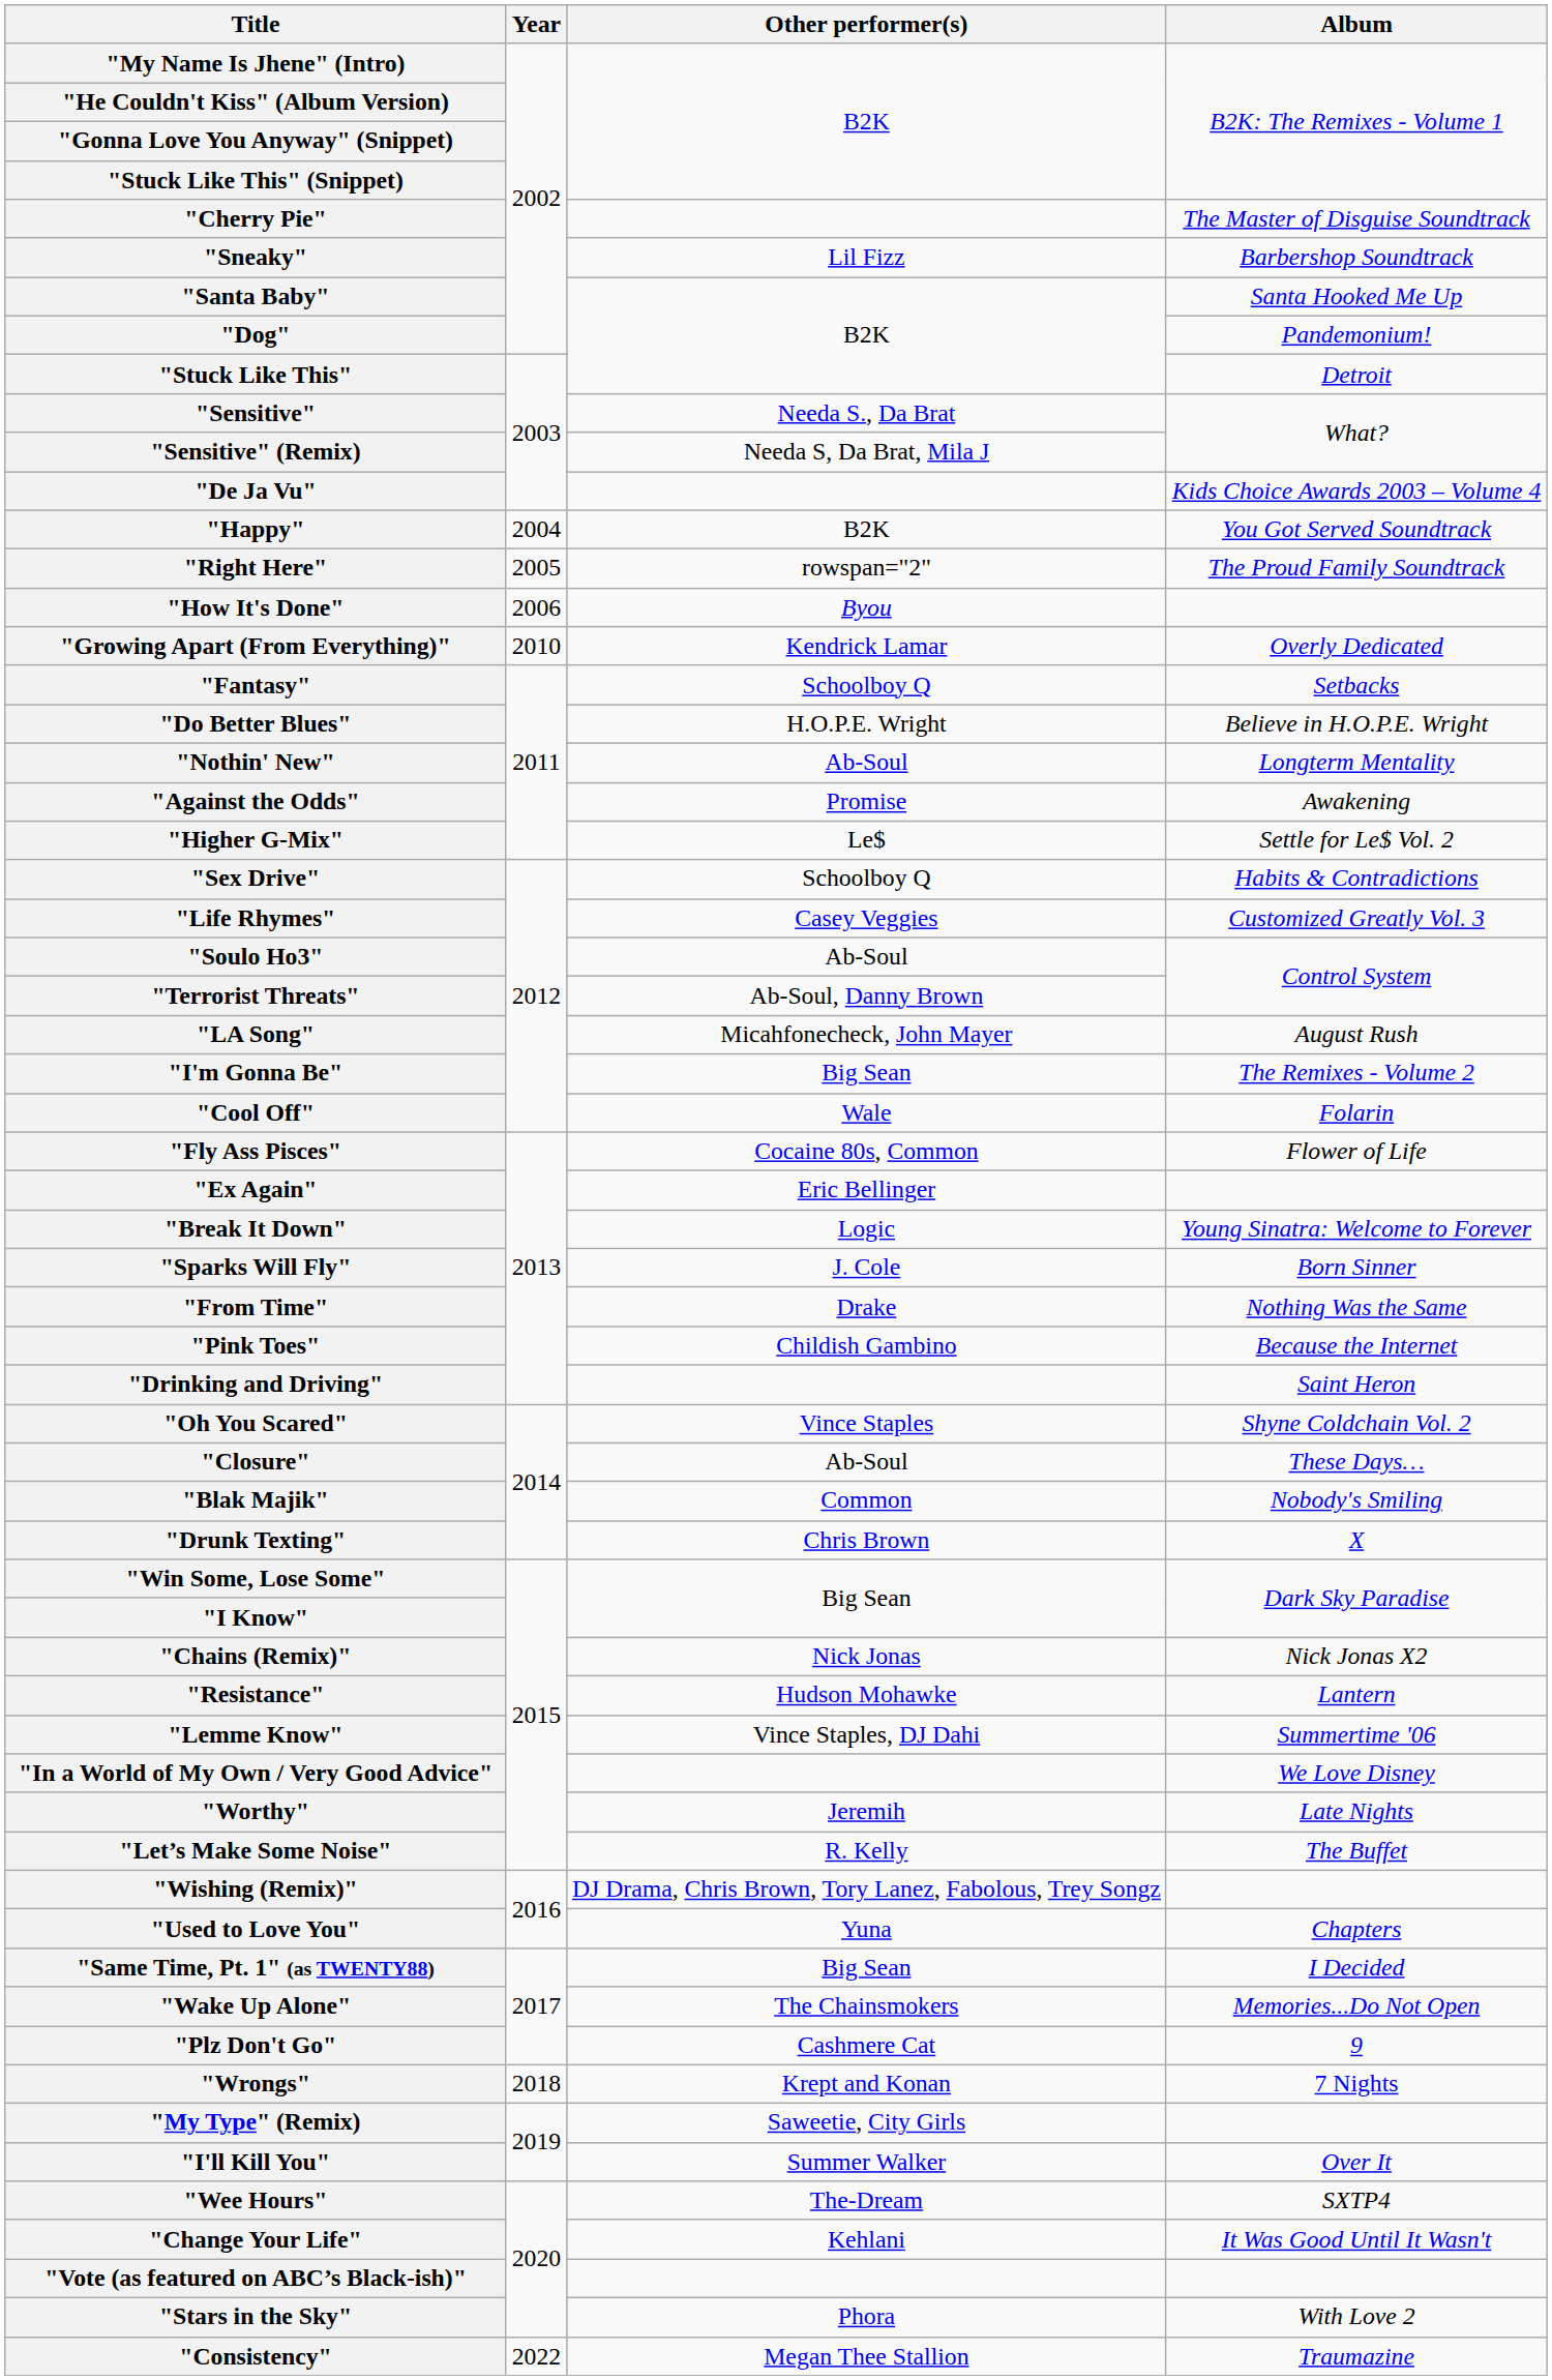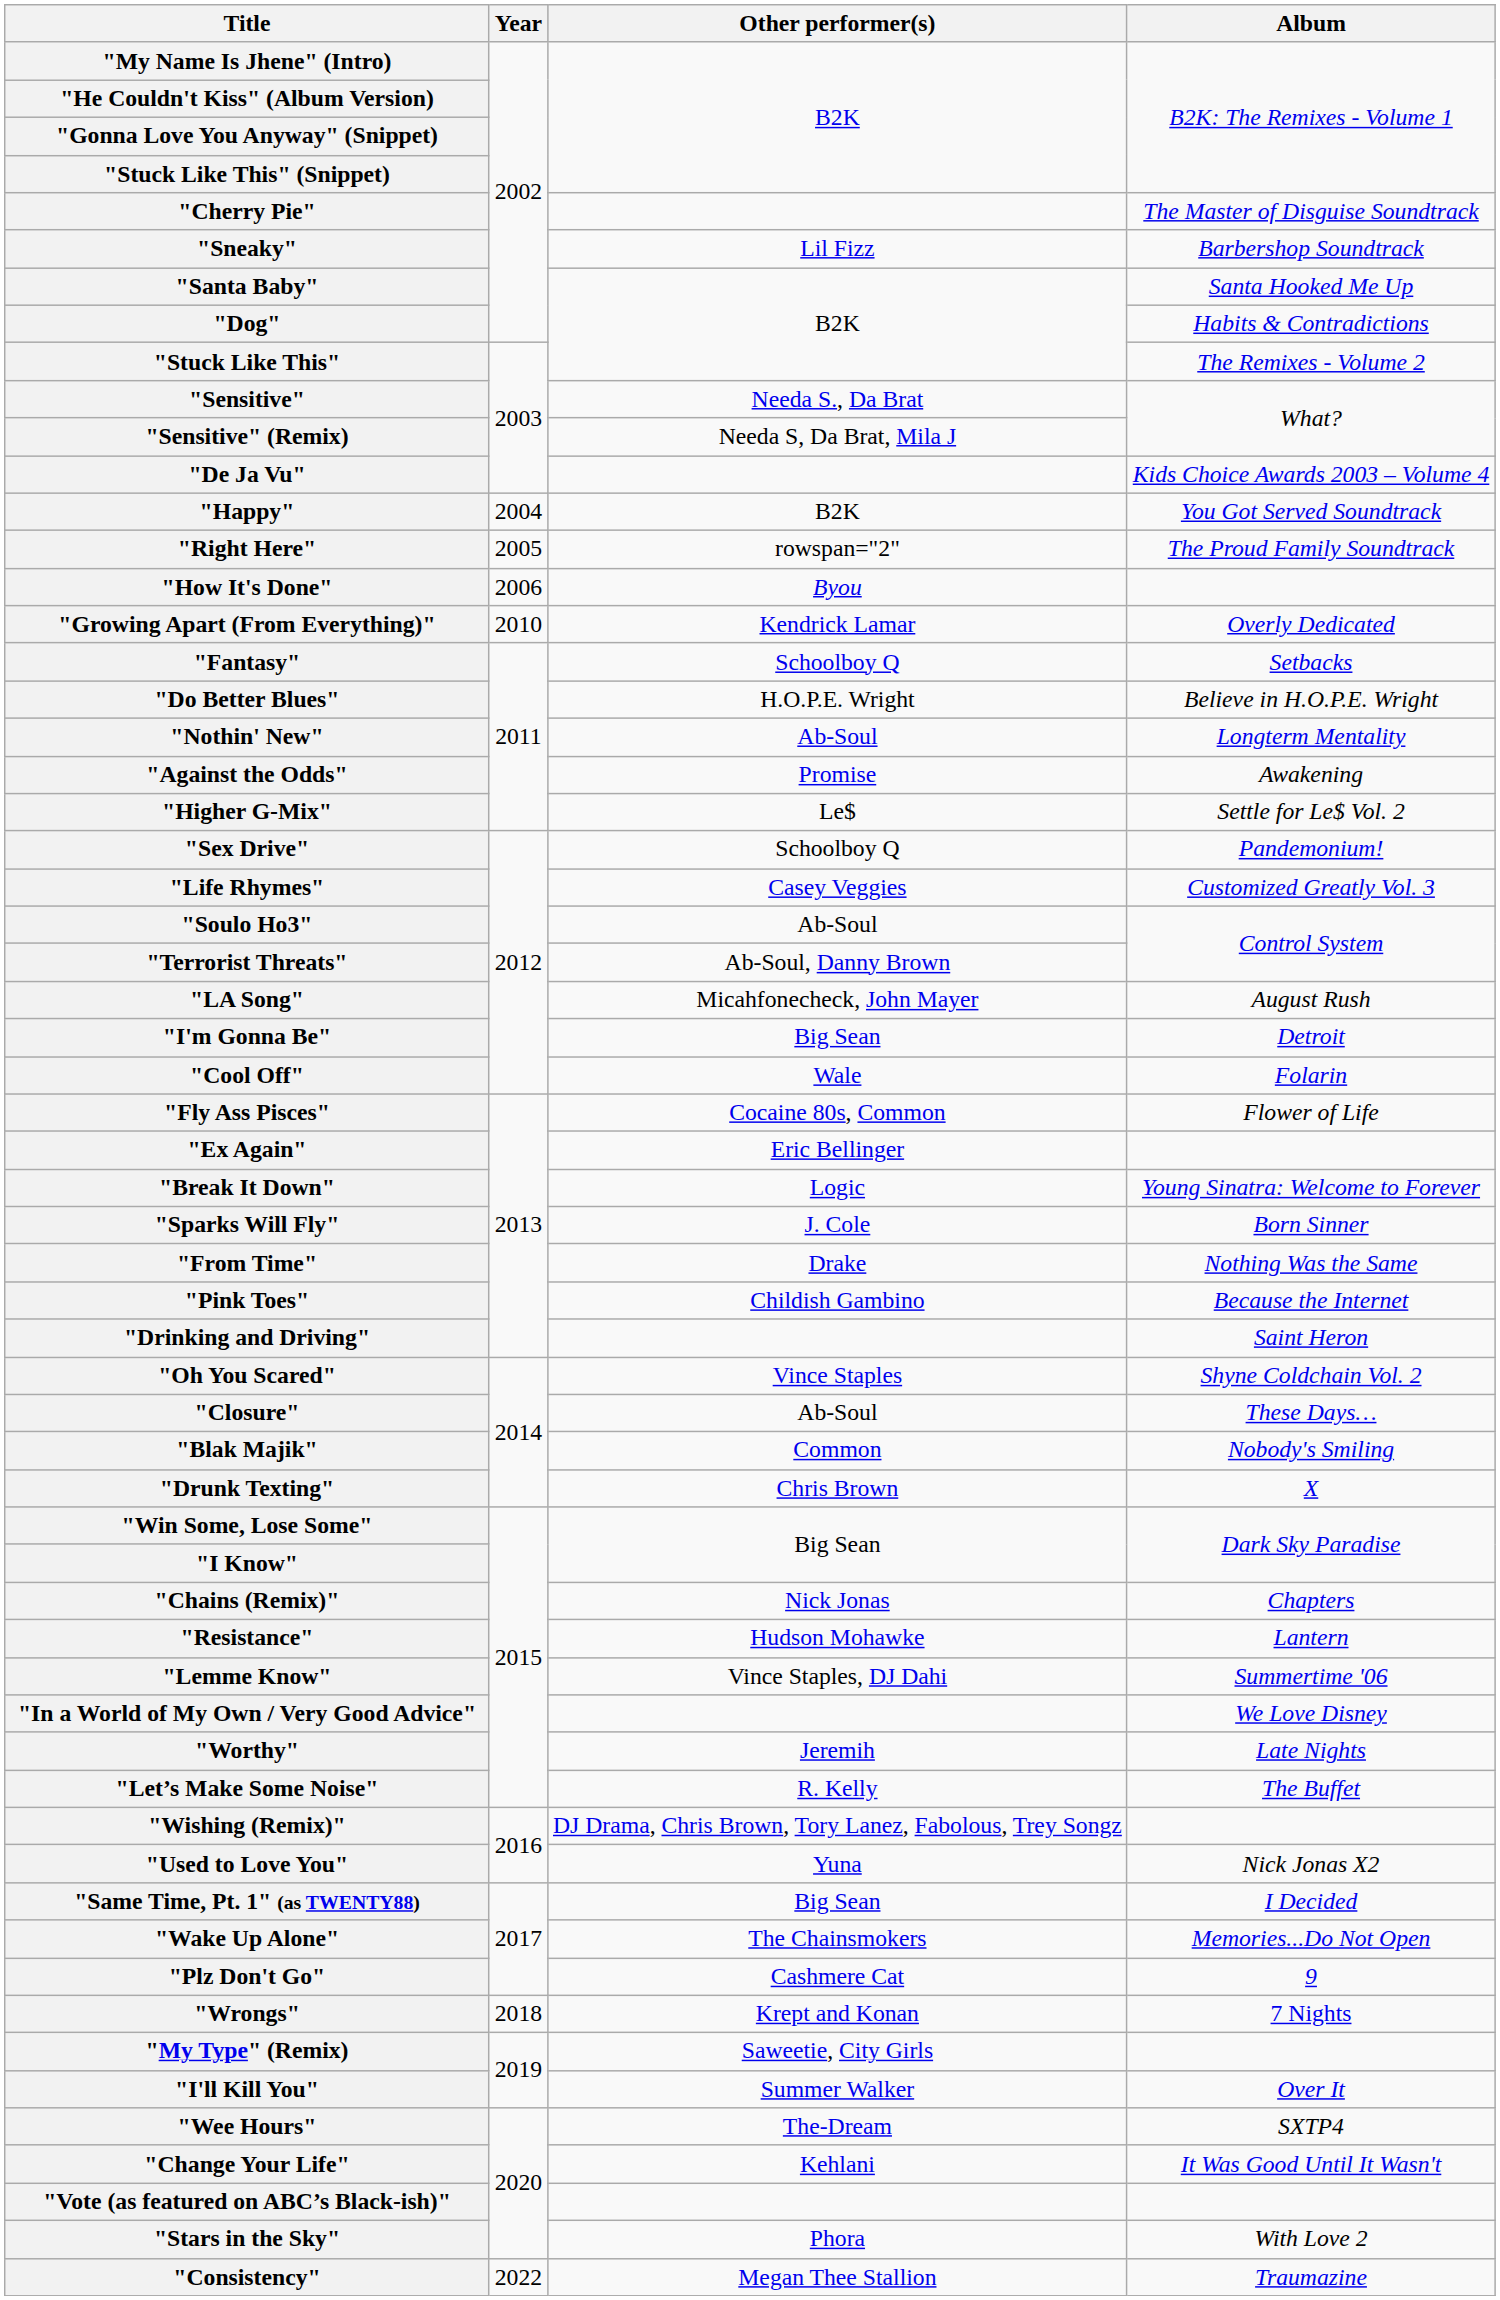 <table class="wikitable plainrowheaders" style="text-align:center;">
 <tr>
 <th scope="col" style="width:20em;">Title</th>
 <th scope="col">Year</th>
 <th scope="col">Other performer(s)</th>
 <th scope="col">Album</th>
 </tr>
 <tr>
 <th scope="row">"My Name Is Jhene" (Intro)</th>
 <td rowspan="8">2002</td>
 <td rowspan="4"><a href='#'>B2K</a></td>
 <td rowspan="4"><em><a href='#'>B2K: The Remixes - Volume 1</a></em></td>
 </tr>
 <tr>
 <th scope="row">"He Couldn't Kiss" (Album Version)</th>
 </tr>
 <tr>
 <th scope="row">"Gonna Love You Anyway" (Snippet)</th>
 </tr>
 <tr>
 <th scope="row">"Stuck Like This" (Snippet)</th>
 </tr>
 <tr>
 <th scope="row">"Cherry Pie"</th>
 <td></td>
 <td><em><a href='#'>The Master of Disguise Soundtrack</a></em></td>
 </tr>
 <tr>
 <th scope="row">"Sneaky"</th>
 <td><a href='#'>Lil Fizz</a></td>
 <td><em><a href='#'>Barbershop Soundtrack</a></em></td>
 </tr>
 <tr>
 <th scope="row">"Santa Baby"</th>
 <td rowspan="3">B2K</td>
 <td><em><a href='#'>Santa Hooked Me Up</a></em></td>
 </tr>
 <tr>
 <th scope="row">"Dog"</th>
-<td><em><a href='#'>Pandemonium!</a></em></td>
+<td><em><a href='#'>Habits & Contradictions</a></em></td>
 </tr>
 <tr>
 <th scope="row">"Stuck Like This"</th>
 <td rowspan="4">2003</td>
-<td><em><a href='#'>Detroit</a></em></td>
+<td><em><a href='#'>The Remixes - Volume 2</a></em></td>
 </tr>
 <tr>
 <th scope="row">"Sensitive"</th>
 <td><a href='#'>Needa S.</a>, <a href='#'>Da Brat</a></td>
 <td rowspan="2"><em>What?</em></td>
 </tr>
 <tr>
 <th scope="row">"Sensitive" (Remix)</th>
 <td>Needa S, Da Brat, <a href='#'>Mila J</a></td>
 </tr>
 <tr>
 <th scope="row">"De Ja Vu"</th>
 <td></td>
 <td><em><a href='#'>Kids Choice Awards 2003 – Volume 4</a></em></td>
 </tr>
 <tr>
 <th scope="row">"Happy"</th>
 <td>2004</td>
 <td>B2K</td>
 <td><em><a href='#'>You Got Served Soundtrack</a></em></td>
 </tr>
 <tr>
 <th scope="row">"Right Here"</th>
 <td>2005</td>
 <td>rowspan="2" </td>
 <td><em><a href='#'>The Proud Family Soundtrack</a></em></td>
 </tr>
 <tr>
 <th scope="row">"How It's Done"</th>
 <td>2006</td>
 <td><em><a href='#'>Byou</a></em></td>
 </tr>
 <tr>
 <th scope="row">"Growing Apart (From Everything)"</th>
 <td>2010</td>
 <td><a href='#'>Kendrick Lamar</a></td>
 <td><em><a href='#'>Overly Dedicated</a></em></td>
 </tr>
 <tr>
 <th scope="row">"Fantasy"</th>
 <td rowspan="5">2011</td>
 <td><a href='#'>Schoolboy Q</a></td>
 <td><em><a href='#'>Setbacks</a></em></td>
 </tr>
 <tr>
 <th scope="row">"Do Better Blues"</th>
 <td>H.O.P.E. Wright</td>
 <td><em>Believe in H.O.P.E. Wright</em></td>
 </tr>
 <tr>
 <th scope="row">"Nothin' New"</th>
 <td><a href='#'>Ab-Soul</a></td>
 <td><em><a href='#'>Longterm Mentality</a></em></td>
 </tr>
 <tr>
 <th scope="row">"Against the Odds"</th>
 <td><a href='#'>Promise</a></td>
 <td><em>Awakening</em></td>
 </tr>
 <tr>
 <th scope="row">"Higher G-Mix"</th>
 <td>Le$</td>
 <td><em>Settle for Le$ Vol. 2</em></td>
 </tr>
 <tr>
 <th scope="row">"Sex Drive"</th>
 <td rowspan="7">2012</td>
 <td>Schoolboy Q</td>
-<td><em><a href='#'>Habits & Contradictions</a></em></td>
+<td><em><a href='#'>Pandemonium!</a></em></td>
 </tr>
 <tr>
 <th scope="row">"Life Rhymes"</th>
 <td><a href='#'>Casey Veggies</a></td>
 <td><em><a href='#'>Customized Greatly Vol. 3</a></em></td>
 </tr>
 <tr>
 <th scope="row">"Soulo Ho3"</th>
 <td>Ab-Soul</td>
 <td rowspan="2"><em><a href='#'>Control System</a></em></td>
 </tr>
 <tr>
 <th scope="row">"Terrorist Threats"</th>
 <td>Ab-Soul, <a href='#'>Danny Brown</a></td>
 </tr>
 <tr>
 <th scope="row">"LA Song"</th>
 <td>Micahfonecheck, <a href='#'>John Mayer</a></td>
 <td><em>August Rush</em></td>
 </tr>
 <tr>
 <th scope="row">"I'm Gonna Be"</th>
 <td><a href='#'>Big Sean</a></td>
-<td><em><a href='#'>The Remixes - Volume 2</a></em></td>
+<td><em><a href='#'>Detroit</a></em></td>
 </tr>
 <tr>
 <th scope="row">"Cool Off"</th>
 <td><a href='#'>Wale</a></td>
 <td><em><a href='#'>Folarin</a></em></td>
 </tr>
 <tr>
 <th scope="row">"Fly Ass Pisces"</th>
 <td rowspan="7">2013</td>
 <td><a href='#'>Cocaine 80s</a>, <a href='#'>Common</a></td>
 <td><em>Flower of Life</em></td>
 </tr>
 <tr>
 <th scope="row">"Ex Again"</th>
 <td><a href='#'>Eric Bellinger</a></td>
 <td></td>
 </tr>
 <tr>
 <th scope="row">"Break It Down"</th>
 <td><a href='#'>Logic</a></td>
 <td><em><a href='#'>Young Sinatra: Welcome to Forever</a></em></td>
 </tr>
 <tr>
 <th scope="row">"Sparks Will Fly"</th>
 <td><a href='#'>J. Cole</a></td>
 <td><em><a href='#'>Born Sinner</a></em></td>
 </tr>
 <tr>
 <th scope="row">"From Time"</th>
 <td><a href='#'>Drake</a></td>
 <td><em><a href='#'>Nothing Was the Same</a></em></td>
 </tr>
 <tr>
 <th scope="row">"Pink Toes"</th>
 <td><a href='#'>Childish Gambino</a></td>
 <td><em><a href='#'>Because the Internet</a></em></td>
 </tr>
 <tr>
 <th scope="row">"Drinking and Driving"</th>
 <td></td>
 <td><em><a href='#'>Saint Heron</a></em></td>
 </tr>
 <tr>
 <th scope="row">"Oh You Scared"</th>
 <td rowspan="4">2014</td>
 <td><a href='#'>Vince Staples</a></td>
 <td><em><a href='#'>Shyne Coldchain Vol. 2</a></em></td>
 </tr>
 <tr>
 <th scope="row">"Closure"</th>
 <td>Ab-Soul</td>
 <td><em><a href='#'>These Days…</a></em></td>
 </tr>
 <tr>
 <th scope="row">"Blak Majik"</th>
 <td><a href='#'>Common</a></td>
 <td><em><a href='#'>Nobody's Smiling</a></em></td>
 </tr>
 <tr>
 <th scope="row">"Drunk Texting"</th>
 <td><a href='#'>Chris Brown</a></td>
 <td><em><a href='#'>X</a></em></td>
 </tr>
 <tr>
 <th scope="row">"Win Some, Lose Some"</th>
 <td rowspan="8">2015</td>
 <td rowspan="2">Big Sean</td>
 <td rowspan="2"><em><a href='#'>Dark Sky Paradise</a></em></td>
 </tr>
 <tr>
 <th scope="row">"I Know"</th>
 </tr>
 <tr>
 <th scope="row">"Chains (Remix)"</th>
 <td><a href='#'>Nick Jonas</a></td>
-<td><em>Nick Jonas X2</em></td>
+<td><em><a href='#'>Chapters</a></em></td>
 </tr>
 <tr>
 <th scope="row">"Resistance"</th>
 <td><a href='#'>Hudson Mohawke</a></td>
 <td><em><a href='#'>Lantern</a></em></td>
 </tr>
 <tr>
 <th scope="row">"Lemme Know"</th>
 <td>Vince Staples, <a href='#'>DJ Dahi</a></td>
 <td><em><a href='#'>Summertime '06</a></em></td>
 </tr>
 <tr>
 <th scope="row">"In a World of My Own / Very Good Advice"</th>
 <td></td>
 <td><em><a href='#'>We Love Disney</a></em></td>
 </tr>
 <tr>
 <th scope="row">"Worthy"</th>
 <td><a href='#'>Jeremih</a></td>
 <td><em><a href='#'>Late Nights</a></em></td>
 </tr>
 <tr>
 <th scope="row">"Let’s Make Some Noise"</th>
 <td><a href='#'>R. Kelly</a></td>
 <td><em><a href='#'>The Buffet</a></em></td>
 </tr>
 <tr>
 <th scope="row">"Wishing (Remix)"</th>
 <td rowspan="2">2016</td>
 <td><a href='#'>DJ Drama</a>, <a href='#'>Chris Brown</a>, <a href='#'>Tory Lanez</a>, <a href='#'>Fabolous</a>, <a href='#'>Trey Songz</a></td>
 <td></td>
 </tr>
 <tr>
 <th scope="row">"Used to Love You"</th>
 <td><a href='#'>Yuna</a></td>
-<td><em><a href='#'>Chapters</a></em></td>
+<td><em>Nick Jonas X2</em></td>
 </tr>
 <tr>
 <th scope="row">"Same Time, Pt. 1" <small>(as <a href='#'>TWENTY88</a>)</small></th>
 <td rowspan="3">2017</td>
 <td><a href='#'>Big Sean</a></td>
 <td><em><a href='#'>I Decided</a></em></td>
 </tr>
 <tr>
 <th scope="row">"Wake Up Alone"</th>
 <td><a href='#'>The Chainsmokers</a></td>
 <td><em><a href='#'>Memories...Do Not Open</a></em></td>
 </tr>
 <tr>
 <th scope="row">"Plz Don't Go"</th>
 <td><a href='#'>Cashmere Cat</a></td>
 <td><em><a href='#'>9</a></em></td>
 </tr>
 <tr>
 <th scope="row">"Wrongs"</th>
 <td rowspan="1">2018</td>
 <td><a href='#'>Krept and Konan</a></td>
 <td><a href='#'>7 Nights</a></td>
 </tr>
 <tr>
 <th scope="row">"<a href='#'>My Type</a>" (Remix)</th>
 <td rowspan="2">2019</td>
 <td><a href='#'>Saweetie</a>, <a href='#'>City Girls</a></td>
 <td><em></em></td>
 </tr>
 <tr>
 <th scope="row">"I'll Kill You"</th>
 <td><a href='#'>Summer Walker</a></td>
 <td><em><a href='#'>Over It</a></em></td>
 </tr>
 <tr>
 <th scope="row">"Wee Hours"</th>
 <td rowspan="4">2020</td>
 <td><a href='#'>The-Dream</a></td>
 <td><em>SXTP4</em></td>
 </tr>
 <tr>
 <th scope="row">"Change Your Life"</th>
 <td><a href='#'>Kehlani</a></td>
 <td><em><a href='#'>It Was Good Until It Wasn't</a></em></td>
 </tr>
 <tr>
 <th scope="row">"Vote (as featured on ABC’s Black-ish)"</th>
 <td></td>
 <td><em></em></td>
 </tr>
 <tr>
 <th scope="row">"Stars in the Sky" </th>
 <td><a href='#'>Phora</a></td>
 <td><em>With Love 2</em></td>
 </tr>
 <tr>
 <th scope="row">"Consistency"</th>
 <td>2022</td>
 <td><a href='#'>Megan Thee Stallion</a></td>
 <td><em><a href='#'>Traumazine</a></em></td>
 </tr>
 </table>
